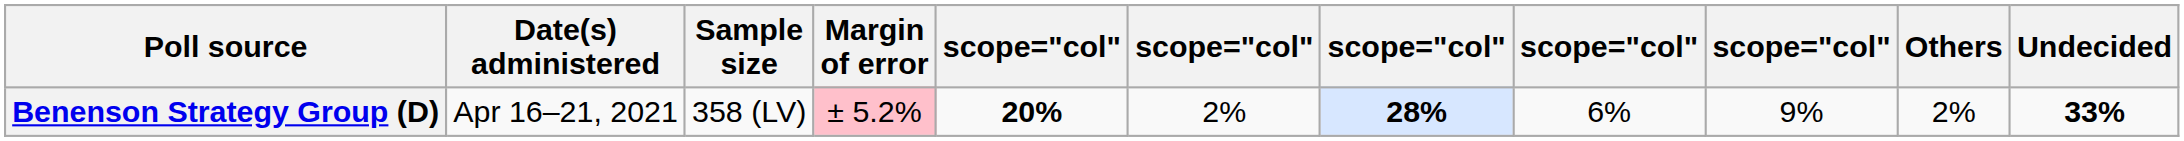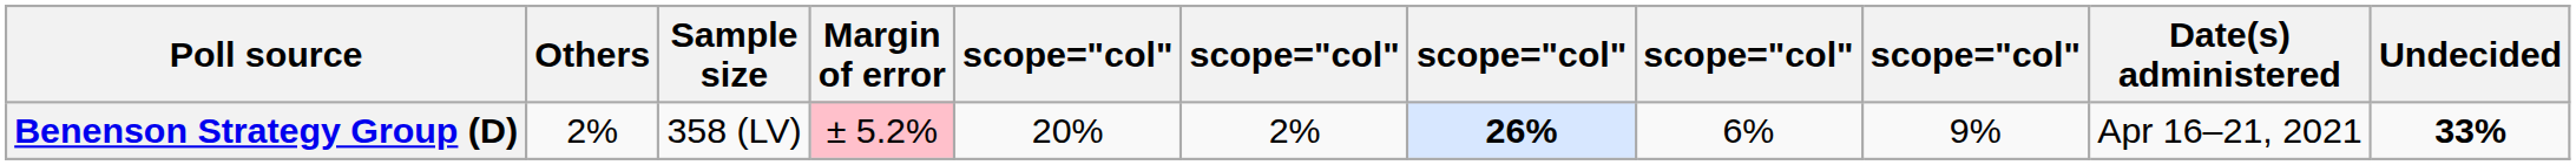 <table class="wikitable plainrowheaders" style="text-align:center; font-size:90%;">
 <tr>
 <th scope="col">Poll source</th>
-<th scope="col">Date(s)<br>administered</th>
+<th scope="col">Others</th>
 <th scope="col">Sample<br>size</th>
 <th scope="col">Margin<br>of error</th>
 <th>scope="col" </th>
 <th>scope="col" </th>
 <th>scope="col" </th>
 <th>scope="col" </th>
 <th>scope="col" </th>
-<th scope="col">Others</th>
+<th scope="col">Date(s)<br>administered</th>
 <th scope="col">Undecided</th>
 </tr>
 <tr>
 <th scope="row"><a href='#'>Benenson Strategy Group</a> (D)</th>
-<td>Apr 16–21, 2021</td>
+<td>2%</td>
 <td>358 (LV)</td>
 <td style="background: pink;">± 5.2%</td>
-<td><strong>20%</strong></td>
+<td>20%</td>
 <td>2%</td>
-<td style="background:#d7e7ff"><strong>28%</strong></td>
+<td style="background:#d7e7ff"><strong>26%</strong></td>
 <td>6%</td>
 <td>9%</td>
-<td>2%</td>
+<td>Apr 16–21, 2021</td>
 <td><strong>33%</strong></td>
 </tr>
 </table>
